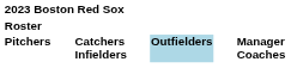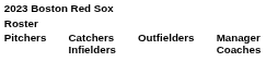 <table class="toccolours" style="text-align: left;">
 <tr>
 <th colspan="10">2023 Boston Red Sox</th>
 </tr>
 <tr>
 <td colspan="10"><strong>Roster</strong></td>
 </tr>
 <tr>
 <td valign="top"><strong>Pitchers</strong><br>                               </td>
 <td width="25px"></td>
 <td valign="top"><strong>Catchers</strong><br>    <strong>Infielders</strong>             </td>
 <td width="25px"></td>
-<td valign="top" style="background: lightblue;"><strong>Outfielders</strong><br>       </td>
+<td valign="top"><strong>Outfielders</strong><br>       </td>
 <td width="25px"></td>
 <td valign="top"><strong>Manager</strong><br> <strong>Coaches</strong>                        </td>
 </tr>
 </table>
